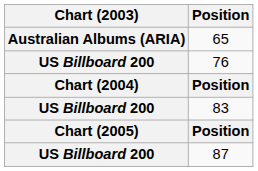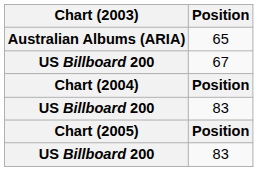 <table class="wikitable plainrowheaders">
 <tr>
 <th>Chart (2003)</th>
 <th>Position</th>
 </tr>
 <tr>
 <th scope="row">Australian Albums (ARIA)</th>
 <td style="text-align:center;">65</td>
 </tr>
 <tr>
 <th scope="row">US <em>Billboard</em> 200</th>
-<td style="text-align:center;">76</td>
+<td style="text-align:center;">67</td>
 </tr>
 <tr>
 <th>Chart (2004)</th>
 <th>Position</th>
 </tr>
 <tr>
 <th scope="row">US <em>Billboard</em> 200</th>
 <td style="text-align:center;">83</td>
 </tr>
 <tr>
 <th>Chart (2005)</th>
 <th>Position</th>
 </tr>
 <tr>
 <th scope="row">US <em>Billboard</em> 200</th>
-<td style="text-align:center;">87</td>
+<td style="text-align:center;">83</td>
 </tr>
 </table>
